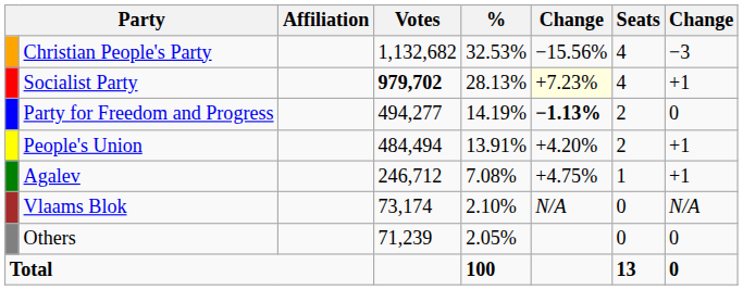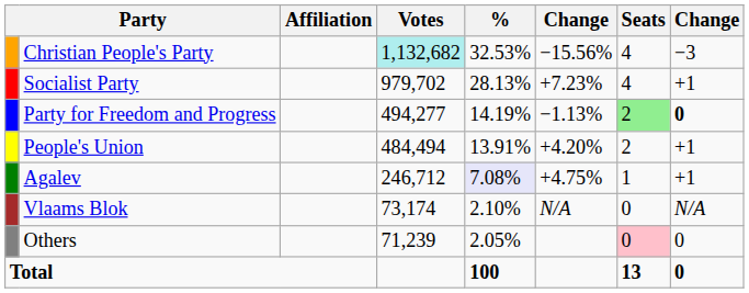 <table class="wikitable">
 <tr>
 <th colspan="2">Party</th>
 <th>Affiliation</th>
 <th>Votes</th>
 <th>%</th>
 <th>Change</th>
 <th>Seats</th>
 <th>Change</th>
 </tr>
 <tr>
 <td style="background-color:orange"> </td>
 <td style="text-align: left"><a href='#'>Christian People's Party</a></td>
 <td></td>
-<td>1,132,682</td>
+<td style="background: paleturquoise;">1,132,682</td>
 <td>32.53%</td>
 <td>−15.56%</td>
 <td>4</td>
 <td>−3</td>
 </tr>
 <tr>
 <td style="background-color:red"> </td>
 <td style="text-align: left"><a href='#'>Socialist Party</a></td>
 <td></td>
-<td><strong>979,702</strong></td>
+<td>979,702</td>
 <td>28.13%</td>
-<td style="background: lightyellow;">+7.23%</td>
+<td>+7.23%</td>
 <td>4</td>
 <td>+1</td>
 </tr>
 <tr>
 <td style="background-color:blue"> </td>
 <td style="text-align: left"><a href='#'>Party for Freedom and Progress</a></td>
 <td></td>
 <td>494,277</td>
 <td>14.19%</td>
-<td><strong>−1.13%</strong></td>
-<td>2</td>
-<td>0</td>
+<td>−1.13%</td>
+<td style="background: lightgreen;">2</td>
+<td><strong>0</strong></td>
 </tr>
 <tr>
 <td style="background-color:yellow"> </td>
 <td style="text-align: left"><a href='#'>People's Union</a></td>
 <td></td>
 <td>484,494</td>
 <td>13.91%</td>
 <td>+4.20%</td>
 <td>2</td>
 <td>+1</td>
 </tr>
 <tr>
 <td style="background-color:green"> </td>
 <td style="text-align: left"><a href='#'>Agalev</a></td>
 <td></td>
 <td>246,712</td>
-<td>7.08%</td>
+<td style="background: lavender;">7.08%</td>
 <td>+4.75%</td>
 <td>1</td>
 <td>+1</td>
 </tr>
 <tr>
 <td style="background-color:brown"> </td>
 <td style="text-align: left"><a href='#'>Vlaams Blok</a></td>
 <td></td>
 <td>73,174</td>
 <td>2.10%</td>
 <td><em>N/A</em></td>
 <td>0</td>
 <td><em>N/A</em></td>
 </tr>
 <tr>
 <td style="background-color:grey"> </td>
 <td style="text-align: left">Others</td>
 <td></td>
 <td>71,239</td>
 <td>2.05%</td>
 <td></td>
-<td>0</td>
+<td style="background: pink;">0</td>
 <td>0</td>
 </tr>
 <tr>
 <td colspan="3"><strong>Total</strong></td>
 <td></td>
 <td><strong>100</strong></td>
 <td></td>
 <td><strong>13</strong></td>
 <td><strong>0</strong></td>
 </tr>
 </table>
